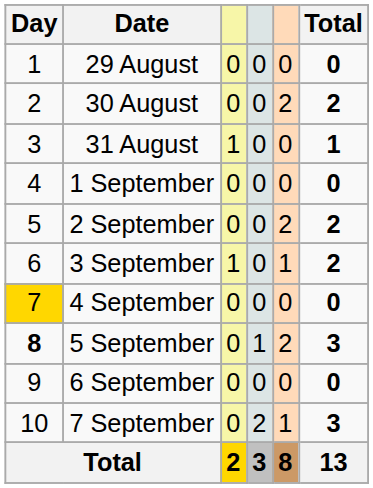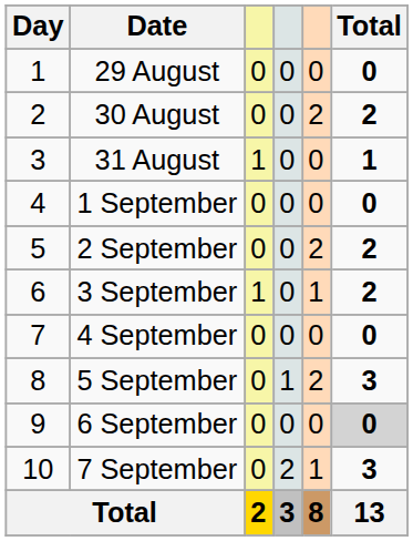 <table class=wikitable style="font-size:85%; float:right; text-align:center">
 <tr>
 <th>Day</th>
 <th>Date</th>
 <td bgcolor=F7F6A8></td>
 <td bgcolor=DCE5E5></td>
 <td bgcolor=FFDAB9></td>
 <th>Total</th>
 </tr>
 <tr>
 <td>1</td>
 <td>29 August</td>
 <td bgcolor=F7F6A8>0</td>
 <td bgcolor=DCE5E5>0</td>
 <td bgcolor=FFDAB9>0</td>
 <td><strong>0</strong></td>
 </tr>
 <tr>
 <td>2</td>
 <td>30 August</td>
 <td bgcolor=F7F6A8>0</td>
 <td bgcolor=DCE5E5>0</td>
 <td bgcolor=FFDAB9>2</td>
 <td><strong>2</strong></td>
 </tr>
 <tr>
 <td>3</td>
 <td>31 August</td>
 <td bgcolor=F7F6A8>1</td>
 <td bgcolor=DCE5E5>0</td>
 <td bgcolor=FFDAB9>0</td>
 <td><strong>1</strong></td>
 </tr>
 <tr>
 <td>4</td>
 <td>1 September</td>
 <td bgcolor=F7F6A8>0</td>
 <td bgcolor=DCE5E5>0</td>
 <td bgcolor=FFDAB9>0</td>
 <td><strong>0</strong></td>
 </tr>
 <tr>
 <td>5</td>
 <td>2 September</td>
 <td bgcolor=F7F6A8>0</td>
 <td bgcolor=DCE5E5>0</td>
 <td bgcolor=FFDAB9>2</td>
 <td><strong>2</strong></td>
 </tr>
 <tr>
 <td>6</td>
 <td>3 September</td>
 <td bgcolor=F7F6A8>1</td>
 <td bgcolor=DCE5E5>0</td>
 <td bgcolor=FFDAB9>1</td>
 <td><strong>2</strong></td>
 </tr>
 <tr>
-<td style="background: gold;">7</td>
+<td>7</td>
 <td>4 September</td>
 <td bgcolor=F7F6A8>0</td>
 <td bgcolor=DCE5E5>0</td>
 <td bgcolor=FFDAB9>0</td>
 <td><strong>0</strong></td>
 </tr>
 <tr>
-<td><strong>8</strong></td>
+<td>8</td>
 <td>5 September</td>
 <td bgcolor=F7F6A8>0</td>
 <td bgcolor=DCE5E5>1</td>
 <td bgcolor=FFDAB9>2</td>
 <td><strong>3</strong></td>
 </tr>
 <tr>
 <td>9</td>
 <td>6 September</td>
 <td bgcolor=F7F6A8>0</td>
 <td bgcolor=DCE5E5>0</td>
 <td bgcolor=FFDAB9>0</td>
-<td><strong>0</strong></td>
+<td style="background: lightgrey;"><strong>0</strong></td>
 </tr>
 <tr>
 <td>10</td>
 <td>7 September</td>
 <td bgcolor=F7F6A8>0</td>
 <td bgcolor=DCE5E5>2</td>
 <td bgcolor=FFDAB9>1</td>
 <td><strong>3</strong></td>
 </tr>
 <tr>
 <th colspan=2>Total</th>
 <th style=background:gold>2</th>
 <th style=background:silver>3</th>
 <th style=background:#c96>8</th>
 <th>13</th>
 </tr>
 </table>
